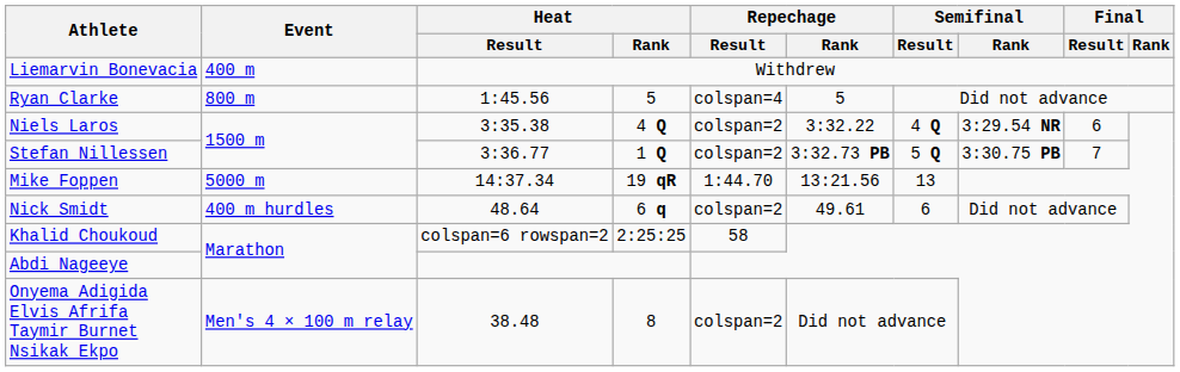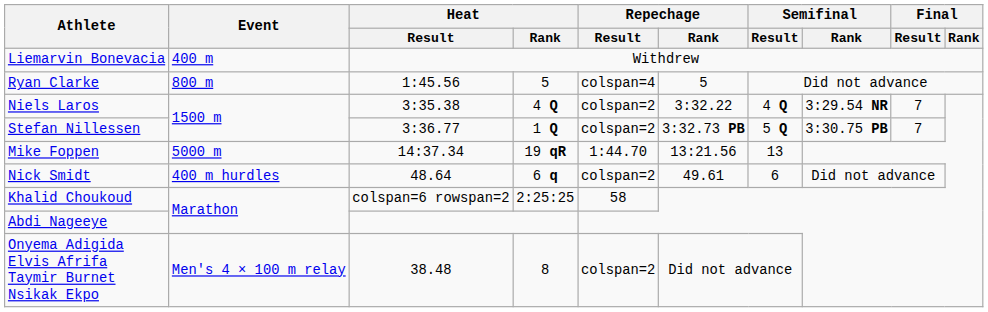 <table class="wikitable" style="font-size:90%">
 <tr>
 <th rowspan="2">Athlete</th>
 <th rowspan="2">Event</th>
 <th colspan="2">Heat</th>
 <th colspan="2">Repechage</th>
 <th colspan="2">Semifinal</th>
 <th colspan="2">Final</th>
 </tr>
 <tr style="font-size:95%">
 <th>Result</th>
 <th>Rank</th>
 <th>Result</th>
 <th>Rank</th>
 <th>Result</th>
 <th>Rank</th>
 <th>Result</th>
 <th>Rank</th>
 </tr>
 <tr align=center>
 <td align=left><a href='#'>Liemarvin Bonevacia</a></td>
 <td align=left><a href='#'>400 m</a></td>
 <td colspan=8>Withdrew</td>
 </tr>
 <tr align=center>
 <td align=left><a href='#'>Ryan Clarke</a></td>
 <td align=left><a href='#'>800 m</a></td>
 <td>1:45.56</td>
 <td>5</td>
 <td>colspan=4  </td>
 <td>5</td>
 <td colspan=4>Did not advance</td>
 </tr>
 <tr align=center>
 <td align=left><a href='#'>Niels Laros</a></td>
 <td align=left rowspan=2><a href='#'>1500 m</a></td>
 <td>3:35.38</td>
 <td>4 <strong>Q</strong></td>
 <td>colspan=2 </td>
 <td>3:32.22</td>
 <td>4 <strong>Q</strong></td>
 <td>3:29.54 <strong>NR</strong></td>
-<td>6</td>
+<td>7</td>
 </tr>
 <tr align=center>
 <td align=left><a href='#'>Stefan Nillessen</a></td>
 <td>3:36.77</td>
 <td>1 <strong>Q</strong></td>
 <td>colspan=2 </td>
 <td>3:32.73 <strong>PB</strong></td>
 <td>5 <strong>Q</strong></td>
 <td>3:30.75 <strong>PB</strong></td>
 <td>7</td>
 </tr>
 <tr align=center>
 <td align=left><a href='#'>Mike Foppen</a></td>
 <td align=left><a href='#'>5000 m</a></td>
 <td>14:37.34</td>
 <td>19 <strong>qR</strong></td>
 <td>1:44.70</td>
 <td>13:21.56</td>
 <td>13</td>
 </tr>
 <tr align=center>
 <td align=left><a href='#'>Nick Smidt</a></td>
 <td align=left><a href='#'>400 m hurdles</a></td>
 <td>48.64</td>
 <td>6 <strong>q</strong></td>
 <td>colspan=2 </td>
 <td>49.61</td>
 <td>6</td>
 <td colspan=2>Did not advance</td>
 </tr>
 <tr align=center>
 <td align=left><a href='#'>Khalid Choukoud</a></td>
 <td align=left rowspan=2><a href='#'>Marathon</a></td>
 <td>colspan=6 rowspan=2 </td>
 <td>2:25:25</td>
 <td>58</td>
 </tr>
 <tr align=center>
 <td align=left><a href='#'>Abdi Nageeye</a></td>
 <td colspan=2></td>
 </tr>
 <tr align=center>
 <td align=left><a href='#'>Onyema Adigida</a><br><a href='#'>Elvis Afrifa</a><br><a href='#'>Taymir Burnet</a><br><a href='#'>Nsikak Ekpo</a></td>
 <td align=left><a href='#'>Men's 4 × 100 m relay</a></td>
 <td>38.48</td>
 <td>8</td>
 <td>colspan=2 </td>
 <td colspan=2>Did not advance</td>
 </tr>
 </table>
